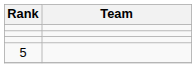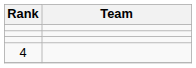 <table class=wikitable style="text-align:center;">
 <tr>
 <th>Rank</th>
 <th width=180>Team</th>
 </tr>
 <tr>
 <td></td>
 <td align=left></td>
 </tr>
 <tr>
 <td></td>
 <td align=left></td>
 </tr>
 <tr>
 <td></td>
 <td align=left></td>
 </tr>
 <tr>
-<td>5</td>
+<td>4</td>
 <td align=left></td>
 </tr>
 <tr>
 </tr>
 </table>
